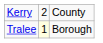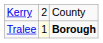 <table class="wikitable sortable">
 <tr>
 <td><a href='#'>Kerry</a></td>
 <td align="center">2</td>
 <td>County</td>
 </tr>
 <tr>
 <td><a href='#'>Tralee</a></td>
 <td style="background: lightyellow;">1</td>
-<td>Borough</td>
+<td><strong>Borough</strong></td>
 </tr>
 </table>
